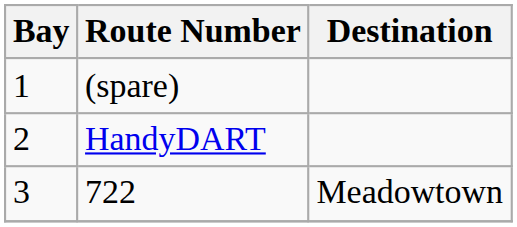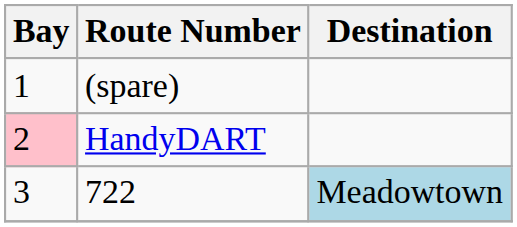 <table class="wikitable">
 <tr>
 <th>Bay</th>
 <th>Route Number</th>
 <th>Destination</th>
 </tr>
 <tr>
 <td>1</td>
 <td>(spare)</td>
 <td></td>
 </tr>
 <tr>
-<td>2</td>
+<td style="background: pink;">2</td>
 <td><a href='#'>HandyDART</a></td>
 <td></td>
 </tr>
 <tr>
 <td>3</td>
 <td>722</td>
-<td>Meadowtown</td>
+<td style="background: lightblue;">Meadowtown</td>
 </tr>
 <tr>
 </tr>
 </table>
